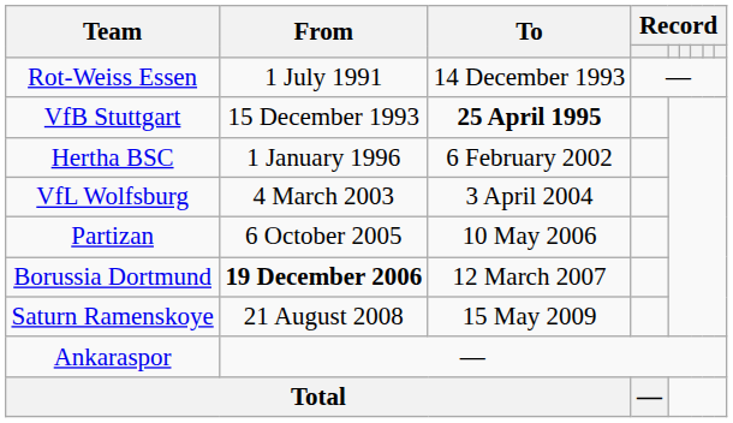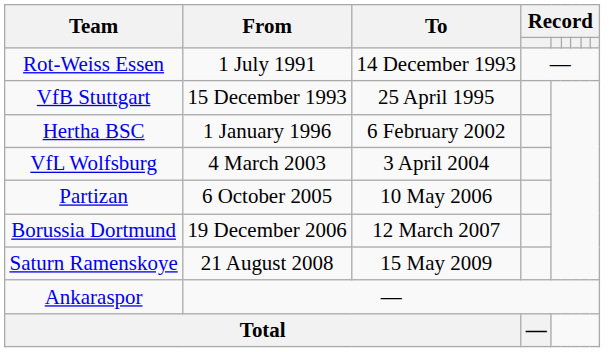 <table class="wikitable" style="text-align: center">
 <tr>
 <th rowspan=2>Team</th>
 <th rowspan=2>From</th>
 <th rowspan=2>To</th>
 <th colspan=6>Record</th>
 </tr>
 <tr>
 <th></th>
 <th></th>
 <th></th>
 <th></th>
 <th></th>
 <th></th>
 </tr>
 <tr>
 <td><a href='#'>Rot-Weiss Essen</a></td>
 <td>1 July 1991</td>
 <td>14 December 1993</td>
 <td colspan=6>—</td>
 </tr>
 <tr>
 <td><a href='#'>VfB Stuttgart</a></td>
 <td>15 December 1993</td>
-<td><strong>25 April 1995<br></strong></td>
+<td>25 April 1995<br></td>
 <td></td>
 </tr>
 <tr>
 <td><a href='#'>Hertha BSC</a></td>
 <td>1 January 1996</td>
 <td>6 February 2002<br></td>
 <td></td>
 </tr>
 <tr>
 <td><a href='#'>VfL Wolfsburg</a></td>
 <td>4 March 2003</td>
 <td>3 April 2004<br></td>
 <td></td>
 </tr>
 <tr>
 <td><a href='#'>Partizan</a></td>
 <td>6 October 2005</td>
 <td>10 May 2006<br></td>
 <td> <br></td>
 </tr>
 <tr>
 <td><a href='#'>Borussia Dortmund</a></td>
-<td><strong>19 December 2006</strong></td>
+<td>19 December 2006</td>
 <td>12 March 2007<br></td>
 <td></td>
 </tr>
 <tr>
 <td><a href='#'>Saturn Ramenskoye</a></td>
 <td>21 August 2008</td>
 <td>15 May 2009<br></td>
 <td> <br></td>
 </tr>
 <tr>
 <td><a href='#'>Ankaraspor</a></td>
 <td colspan=8>—</td>
 </tr>
 <tr>
 <th colspan=3>Total<br></th>
 <th>—</th>
 </tr>
 </table>
